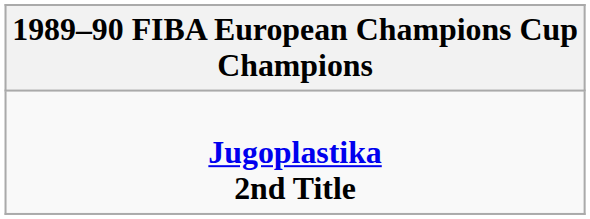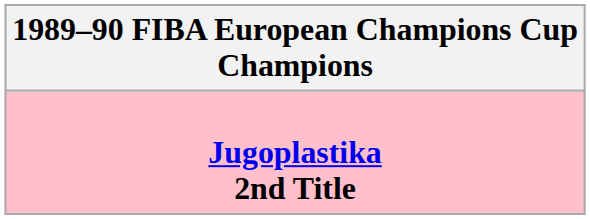 <table class=wikitable style="text-align:center; margin:auto">
 <tr>
 <th>1989–90 FIBA European Champions Cup<br>Champions</th>
 </tr>
 <tr>
-<td> <br> <strong><a href='#'>Jugoplastika</a></strong> <br> <strong>2nd Title</strong></td>
+<td style="background: pink;"> <br> <strong><a href='#'>Jugoplastika</a></strong> <br> <strong>2nd Title</strong></td>
 </tr>
 </table>
